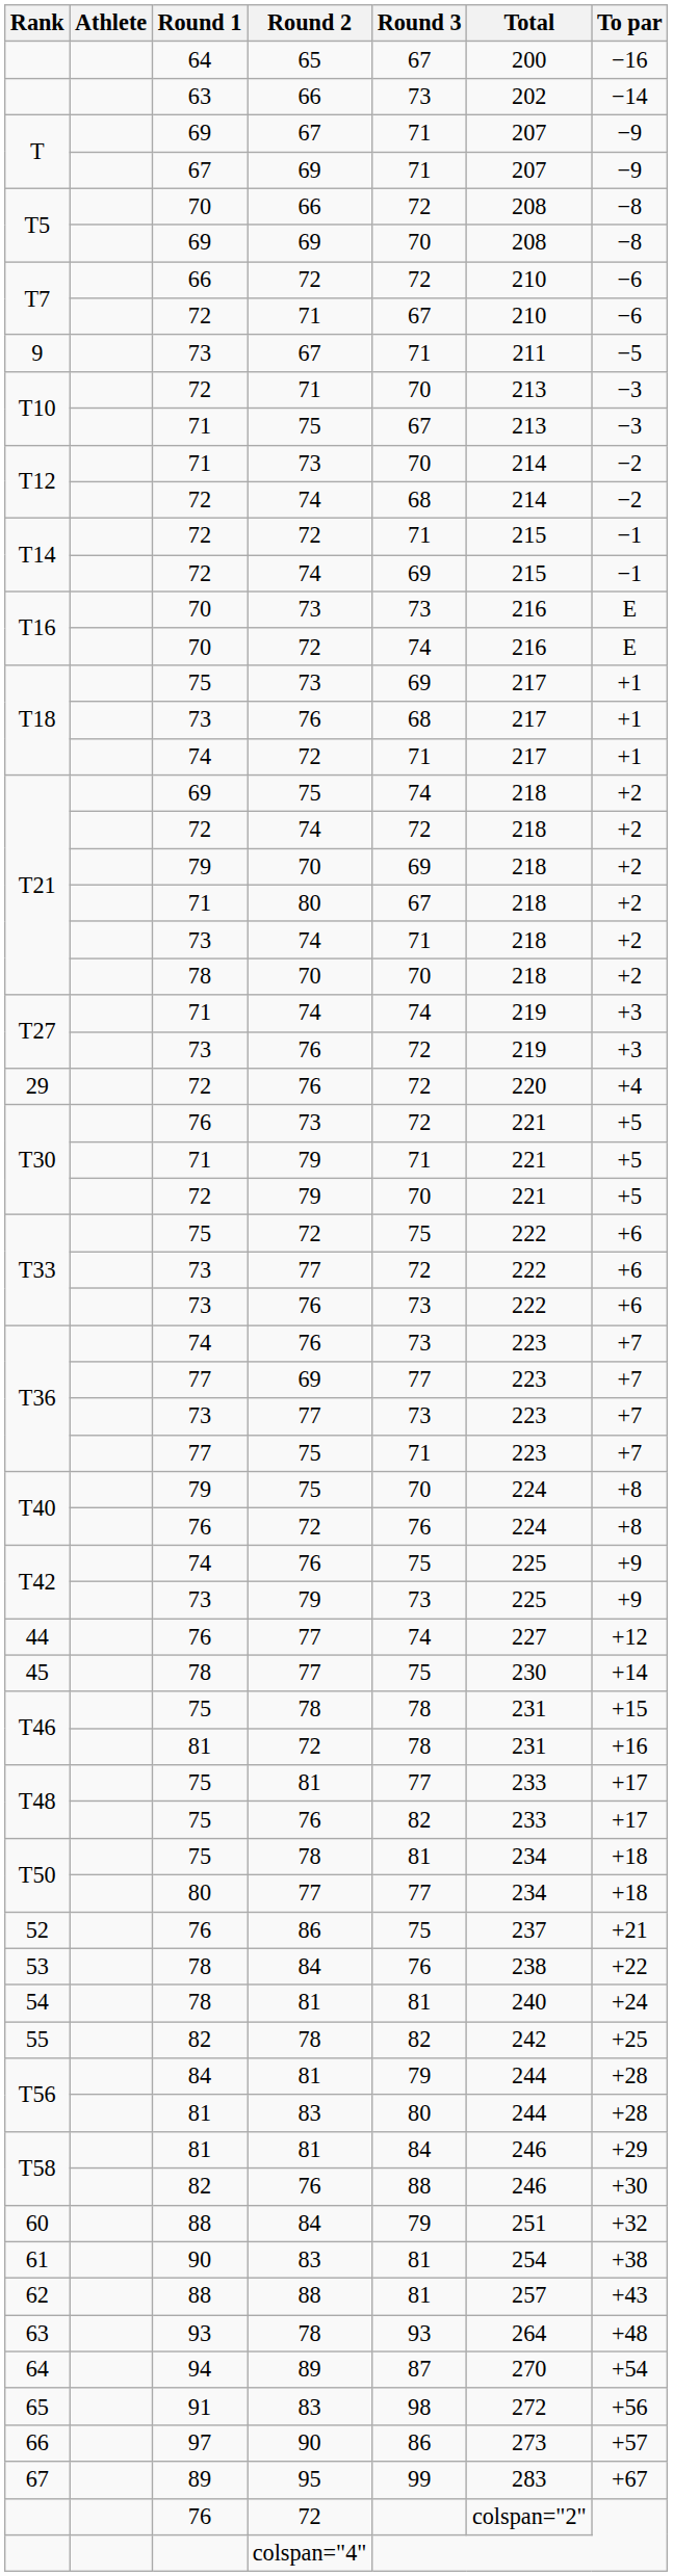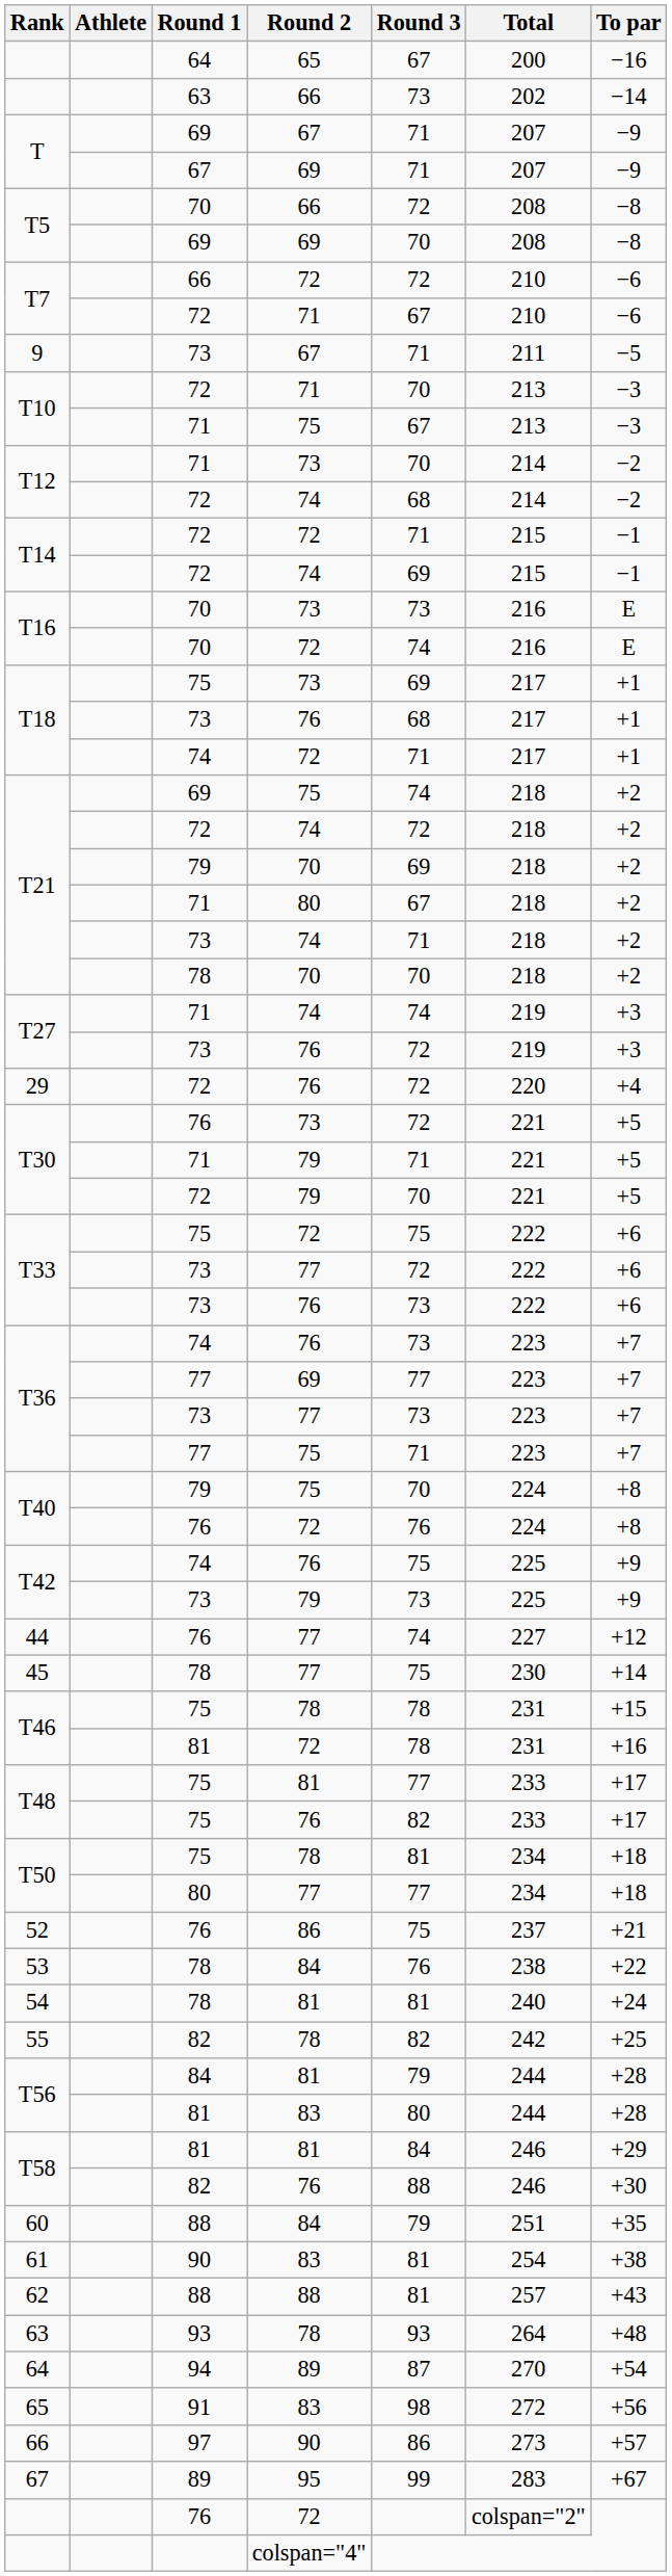 <table class="wikitable" style="text-align:center">
 <tr>
 <th>Rank</th>
 <th>Athlete</th>
 <th>Round 1</th>
 <th>Round 2</th>
 <th>Round 3</th>
 <th>Total</th>
 <th>To par</th>
 </tr>
 <tr>
 <td></td>
 <td align="left"></td>
 <td>64</td>
 <td>65</td>
 <td>67</td>
 <td>200</td>
 <td>−16</td>
 </tr>
 <tr>
 <td></td>
 <td align="left"></td>
 <td>63</td>
 <td>66</td>
 <td>73</td>
 <td>202</td>
 <td>−14</td>
 </tr>
 <tr>
 <td rowspan="2">T</td>
 <td align="left"></td>
 <td>69</td>
 <td>67</td>
 <td>71</td>
 <td>207</td>
 <td>−9</td>
 </tr>
 <tr>
 <td align="left"></td>
 <td>67</td>
 <td>69</td>
 <td>71</td>
 <td>207</td>
 <td>−9</td>
 </tr>
 <tr>
 <td rowspan="2">T5</td>
 <td align="left"></td>
 <td>70</td>
 <td>66</td>
 <td>72</td>
 <td>208</td>
 <td>−8</td>
 </tr>
 <tr>
 <td align="left"></td>
 <td>69</td>
 <td>69</td>
 <td>70</td>
 <td>208</td>
 <td>−8</td>
 </tr>
 <tr>
 <td rowspan="2">T7</td>
 <td align="left"></td>
 <td>66</td>
 <td>72</td>
 <td>72</td>
 <td>210</td>
 <td>−6</td>
 </tr>
 <tr>
 <td align="left"></td>
 <td>72</td>
 <td>71</td>
 <td>67</td>
 <td>210</td>
 <td>−6</td>
 </tr>
 <tr>
 <td>9</td>
 <td align="left"></td>
 <td>73</td>
 <td>67</td>
 <td>71</td>
 <td>211</td>
 <td>−5</td>
 </tr>
 <tr>
 <td rowspan="2">T10</td>
 <td align="left"></td>
 <td>72</td>
 <td>71</td>
 <td>70</td>
 <td>213</td>
 <td>−3</td>
 </tr>
 <tr>
 <td align="left"></td>
 <td>71</td>
 <td>75</td>
 <td>67</td>
 <td>213</td>
 <td>−3</td>
 </tr>
 <tr>
 <td rowspan="2">T12</td>
 <td align="left"></td>
 <td>71</td>
 <td>73</td>
 <td>70</td>
 <td>214</td>
 <td>−2</td>
 </tr>
 <tr>
 <td align="left"></td>
 <td>72</td>
 <td>74</td>
 <td>68</td>
 <td>214</td>
 <td>−2</td>
 </tr>
 <tr>
 <td rowspan="2">T14</td>
 <td align="left"></td>
 <td>72</td>
 <td>72</td>
 <td>71</td>
 <td>215</td>
 <td>−1</td>
 </tr>
 <tr>
 <td align="left"></td>
 <td>72</td>
 <td>74</td>
 <td>69</td>
 <td>215</td>
 <td>−1</td>
 </tr>
 <tr>
 <td rowspan="2">T16</td>
 <td align="left"></td>
 <td>70</td>
 <td>73</td>
 <td>73</td>
 <td>216</td>
 <td>E</td>
 </tr>
 <tr>
 <td align="left"></td>
 <td>70</td>
 <td>72</td>
 <td>74</td>
 <td>216</td>
 <td>E</td>
 </tr>
 <tr>
 <td rowspan="3">T18</td>
 <td align="left"></td>
 <td>75</td>
 <td>73</td>
 <td>69</td>
 <td>217</td>
 <td>+1</td>
 </tr>
 <tr>
 <td align="left"></td>
 <td>73</td>
 <td>76</td>
 <td>68</td>
 <td>217</td>
 <td>+1</td>
 </tr>
 <tr>
 <td align="left"></td>
 <td>74</td>
 <td>72</td>
 <td>71</td>
 <td>217</td>
 <td>+1</td>
 </tr>
 <tr>
 <td rowspan="6">T21</td>
 <td align="left"></td>
 <td>69</td>
 <td>75</td>
 <td>74</td>
 <td>218</td>
 <td>+2</td>
 </tr>
 <tr>
 <td align="left"></td>
 <td>72</td>
 <td>74</td>
 <td>72</td>
 <td>218</td>
 <td>+2</td>
 </tr>
 <tr>
 <td align="left"></td>
 <td>79</td>
 <td>70</td>
 <td>69</td>
 <td>218</td>
 <td>+2</td>
 </tr>
 <tr>
 <td align="left"></td>
 <td>71</td>
 <td>80</td>
 <td>67</td>
 <td>218</td>
 <td>+2</td>
 </tr>
 <tr>
 <td align="left"></td>
 <td>73</td>
 <td>74</td>
 <td>71</td>
 <td>218</td>
 <td>+2</td>
 </tr>
 <tr>
 <td align="left"></td>
 <td>78</td>
 <td>70</td>
 <td>70</td>
 <td>218</td>
 <td>+2</td>
 </tr>
 <tr>
 <td rowspan="2">T27</td>
 <td align="left"></td>
 <td>71</td>
 <td>74</td>
 <td>74</td>
 <td>219</td>
 <td>+3</td>
 </tr>
 <tr>
 <td align="left"></td>
 <td>73</td>
 <td>76</td>
 <td>72</td>
 <td>219</td>
 <td>+3</td>
 </tr>
 <tr>
 <td>29</td>
 <td align="left"></td>
 <td>72</td>
 <td>76</td>
 <td>72</td>
 <td>220</td>
 <td>+4</td>
 </tr>
 <tr>
 <td rowspan="3">T30</td>
 <td align="left"></td>
 <td>76</td>
 <td>73</td>
 <td>72</td>
 <td>221</td>
 <td>+5</td>
 </tr>
 <tr>
 <td align="left"></td>
 <td>71</td>
 <td>79</td>
 <td>71</td>
 <td>221</td>
 <td>+5</td>
 </tr>
 <tr>
 <td align="left"></td>
 <td>72</td>
 <td>79</td>
 <td>70</td>
 <td>221</td>
 <td>+5</td>
 </tr>
 <tr>
 <td rowspan="3">T33</td>
 <td align="left"></td>
 <td>75</td>
 <td>72</td>
 <td>75</td>
 <td>222</td>
 <td>+6</td>
 </tr>
 <tr>
 <td align="left"></td>
 <td>73</td>
 <td>77</td>
 <td>72</td>
 <td>222</td>
 <td>+6</td>
 </tr>
 <tr>
 <td align="left"></td>
 <td>73</td>
 <td>76</td>
 <td>73</td>
 <td>222</td>
 <td>+6</td>
 </tr>
 <tr>
 <td rowspan="4">T36</td>
 <td align="left"></td>
 <td>74</td>
 <td>76</td>
 <td>73</td>
 <td>223</td>
 <td>+7</td>
 </tr>
 <tr>
 <td align="left"></td>
 <td>77</td>
 <td>69</td>
 <td>77</td>
 <td>223</td>
 <td>+7</td>
 </tr>
 <tr>
 <td align="left"></td>
 <td>73</td>
 <td>77</td>
 <td>73</td>
 <td>223</td>
 <td>+7</td>
 </tr>
 <tr>
 <td align="left"></td>
 <td>77</td>
 <td>75</td>
 <td>71</td>
 <td>223</td>
 <td>+7</td>
 </tr>
 <tr>
 <td rowspan="2">T40</td>
 <td align="left"></td>
 <td>79</td>
 <td>75</td>
 <td>70</td>
 <td>224</td>
 <td>+8</td>
 </tr>
 <tr>
 <td align="left"></td>
 <td>76</td>
 <td>72</td>
 <td>76</td>
 <td>224</td>
 <td>+8</td>
 </tr>
 <tr>
 <td rowspan="2">T42</td>
 <td align="left"></td>
 <td>74</td>
 <td>76</td>
 <td>75</td>
 <td>225</td>
 <td>+9</td>
 </tr>
 <tr>
 <td align="left"></td>
 <td>73</td>
 <td>79</td>
 <td>73</td>
 <td>225</td>
 <td>+9</td>
 </tr>
 <tr>
 <td>44</td>
 <td align="left"></td>
 <td>76</td>
 <td>77</td>
 <td>74</td>
 <td>227</td>
 <td>+12</td>
 </tr>
 <tr>
 <td>45</td>
 <td align="left"></td>
 <td>78</td>
 <td>77</td>
 <td>75</td>
 <td>230</td>
 <td>+14</td>
 </tr>
 <tr>
 <td rowspan="2">T46</td>
 <td align="left"></td>
 <td>75</td>
 <td>78</td>
 <td>78</td>
 <td>231</td>
 <td>+15</td>
 </tr>
 <tr>
 <td align="left"></td>
 <td>81</td>
 <td>72</td>
 <td>78</td>
 <td>231</td>
 <td>+16</td>
 </tr>
 <tr>
 <td rowspan="2">T48</td>
 <td align="left"></td>
 <td>75</td>
 <td>81</td>
 <td>77</td>
 <td>233</td>
 <td>+17</td>
 </tr>
 <tr>
 <td align="left"></td>
 <td>75</td>
 <td>76</td>
 <td>82</td>
 <td>233</td>
 <td>+17</td>
 </tr>
 <tr>
 <td rowspan="2">T50</td>
 <td align="left"></td>
 <td>75</td>
 <td>78</td>
 <td>81</td>
 <td>234</td>
 <td>+18</td>
 </tr>
 <tr>
 <td align="left"></td>
 <td>80</td>
 <td>77</td>
 <td>77</td>
 <td>234</td>
 <td>+18</td>
 </tr>
 <tr>
 <td>52</td>
 <td align="left"></td>
 <td>76</td>
 <td>86</td>
 <td>75</td>
 <td>237</td>
 <td>+21</td>
 </tr>
 <tr>
 <td>53</td>
 <td align="left"></td>
 <td>78</td>
 <td>84</td>
 <td>76</td>
 <td>238</td>
 <td>+22</td>
 </tr>
 <tr>
 <td>54</td>
 <td align="left"></td>
 <td>78</td>
 <td>81</td>
 <td>81</td>
 <td>240</td>
 <td>+24</td>
 </tr>
 <tr>
 <td>55</td>
 <td align="left"></td>
 <td>82</td>
 <td>78</td>
 <td>82</td>
 <td>242</td>
 <td>+25</td>
 </tr>
 <tr>
 <td rowspan="2">T56</td>
 <td align="left"></td>
 <td>84</td>
 <td>81</td>
 <td>79</td>
 <td>244</td>
 <td>+28</td>
 </tr>
 <tr>
 <td align="left"></td>
 <td>81</td>
 <td>83</td>
 <td>80</td>
 <td>244</td>
 <td>+28</td>
 </tr>
 <tr>
 <td rowspan="2">T58</td>
 <td align="left"></td>
 <td>81</td>
 <td>81</td>
 <td>84</td>
 <td>246</td>
 <td>+29</td>
 </tr>
 <tr>
 <td align="left"></td>
 <td>82</td>
 <td>76</td>
 <td>88</td>
 <td>246</td>
 <td>+30</td>
 </tr>
 <tr>
 <td>60</td>
 <td align="left"></td>
 <td>88</td>
 <td>84</td>
 <td>79</td>
 <td>251</td>
-<td>+32</td>
+<td>+35</td>
 </tr>
 <tr>
 <td>61</td>
 <td align="left"></td>
 <td>90</td>
 <td>83</td>
 <td>81</td>
 <td>254</td>
 <td>+38</td>
 </tr>
 <tr>
 <td>62</td>
 <td align="left"></td>
 <td>88</td>
 <td>88</td>
 <td>81</td>
 <td>257</td>
 <td>+43</td>
 </tr>
 <tr>
 <td>63</td>
 <td align="left"></td>
 <td>93</td>
 <td>78</td>
 <td>93</td>
 <td>264</td>
 <td>+48</td>
 </tr>
 <tr>
 <td>64</td>
 <td align="left"></td>
 <td>94</td>
 <td>89</td>
 <td>87</td>
 <td>270</td>
 <td>+54</td>
 </tr>
 <tr>
 <td>65</td>
 <td align="left"></td>
 <td>91</td>
 <td>83</td>
 <td>98</td>
 <td>272</td>
 <td>+56</td>
 </tr>
 <tr>
 <td>66</td>
 <td align="left"></td>
 <td>97</td>
 <td>90</td>
 <td>86</td>
 <td>273</td>
 <td>+57</td>
 </tr>
 <tr>
 <td>67</td>
 <td align="left"></td>
 <td>89</td>
 <td>95</td>
 <td>99</td>
 <td>283</td>
 <td>+67</td>
 </tr>
 <tr>
 <td></td>
 <td align="left"></td>
 <td>76</td>
 <td>72</td>
 <td></td>
 <td>colspan="2" </td>
 </tr>
 <tr>
 <td></td>
 <td align="left"></td>
 <td></td>
 <td>colspan="4" </td>
 </tr>
 </table>
